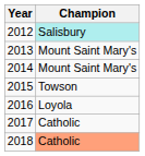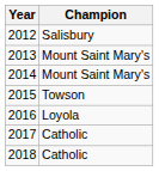 <table class="wikitable">
 <tr>
 <th>Year</th>
 <th>Champion</th>
 </tr>
 <tr>
 <td>2012</td>
-<td style="background: paleturquoise;">Salisbury</td>
+<td>Salisbury</td>
 </tr>
 <tr>
 <td>2013</td>
 <td>Mount Saint Mary's</td>
 </tr>
 <tr>
 <td>2014</td>
 <td>Mount Saint Mary's</td>
 </tr>
 <tr>
 <td>2015</td>
 <td>Towson</td>
 </tr>
 <tr>
 <td>2016</td>
 <td>Loyola</td>
 </tr>
 <tr>
 <td>2017</td>
 <td>Catholic</td>
 </tr>
 <tr>
 <td>2018</td>
-<td style="background: lightsalmon;">Catholic</td>
+<td>Catholic</td>
 </tr>
 </table>
